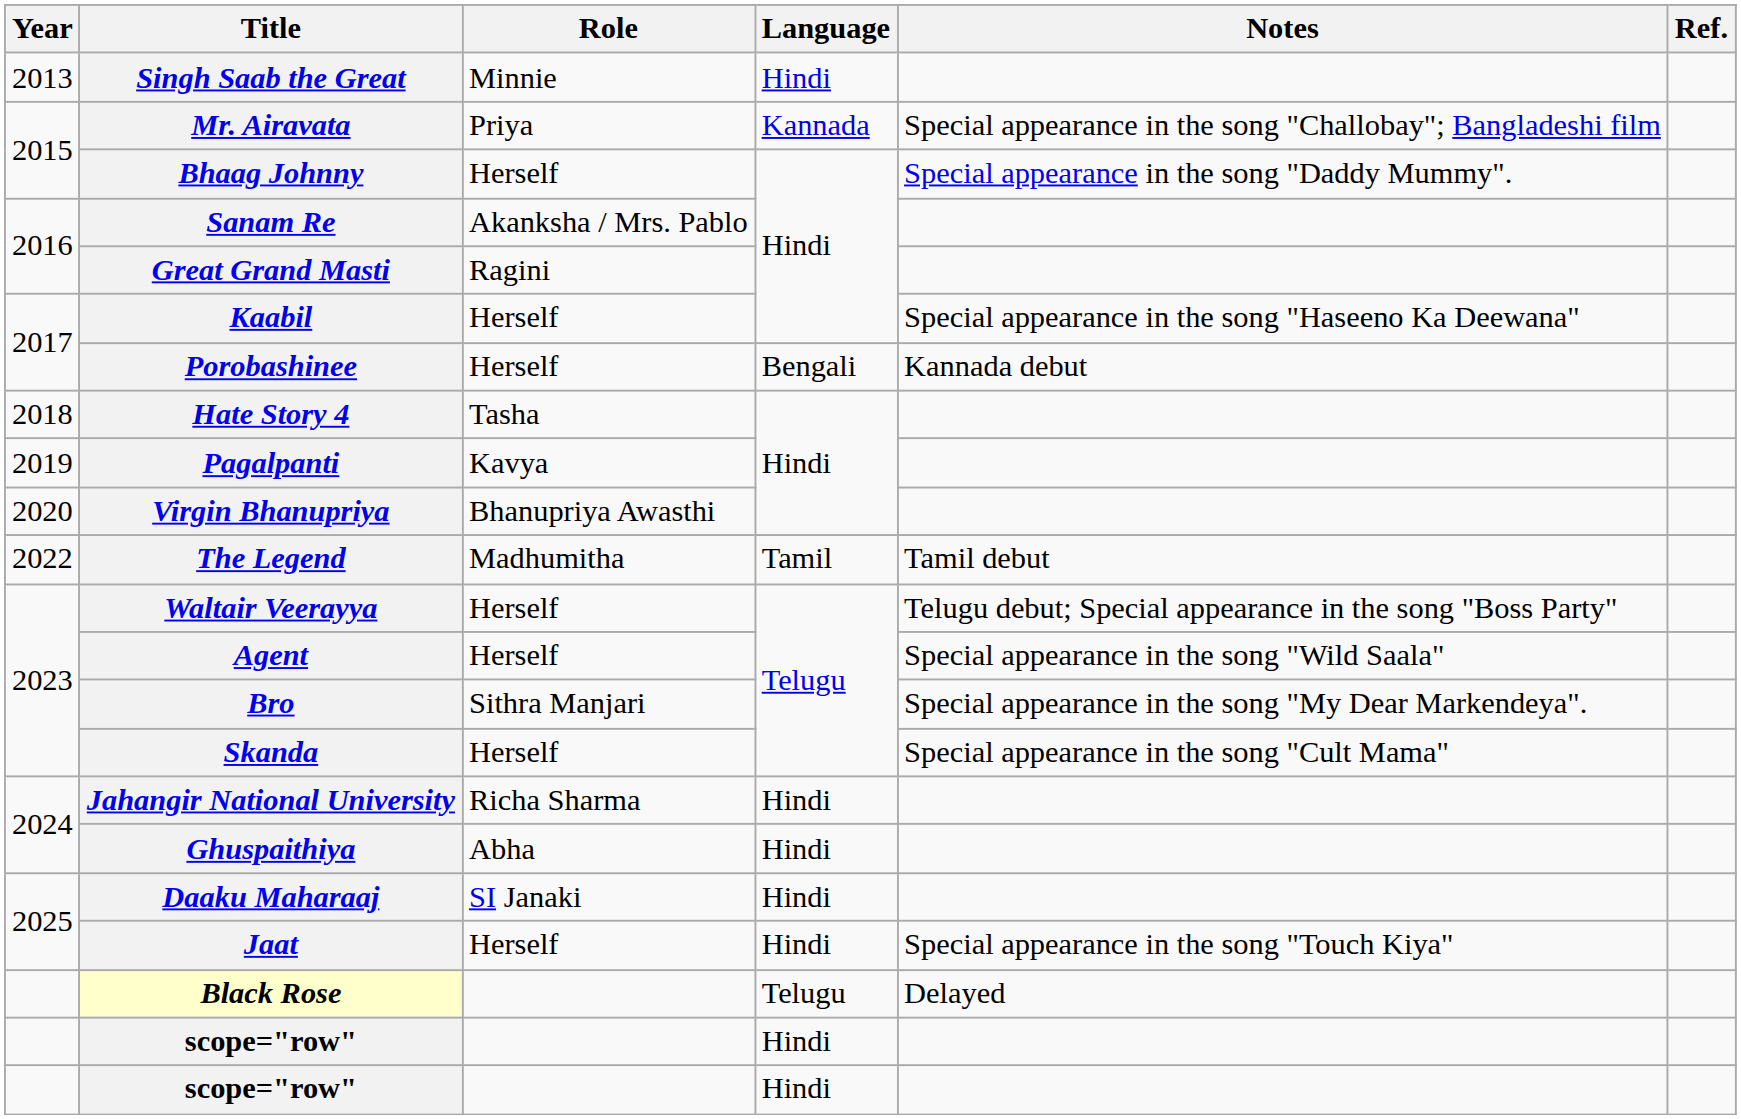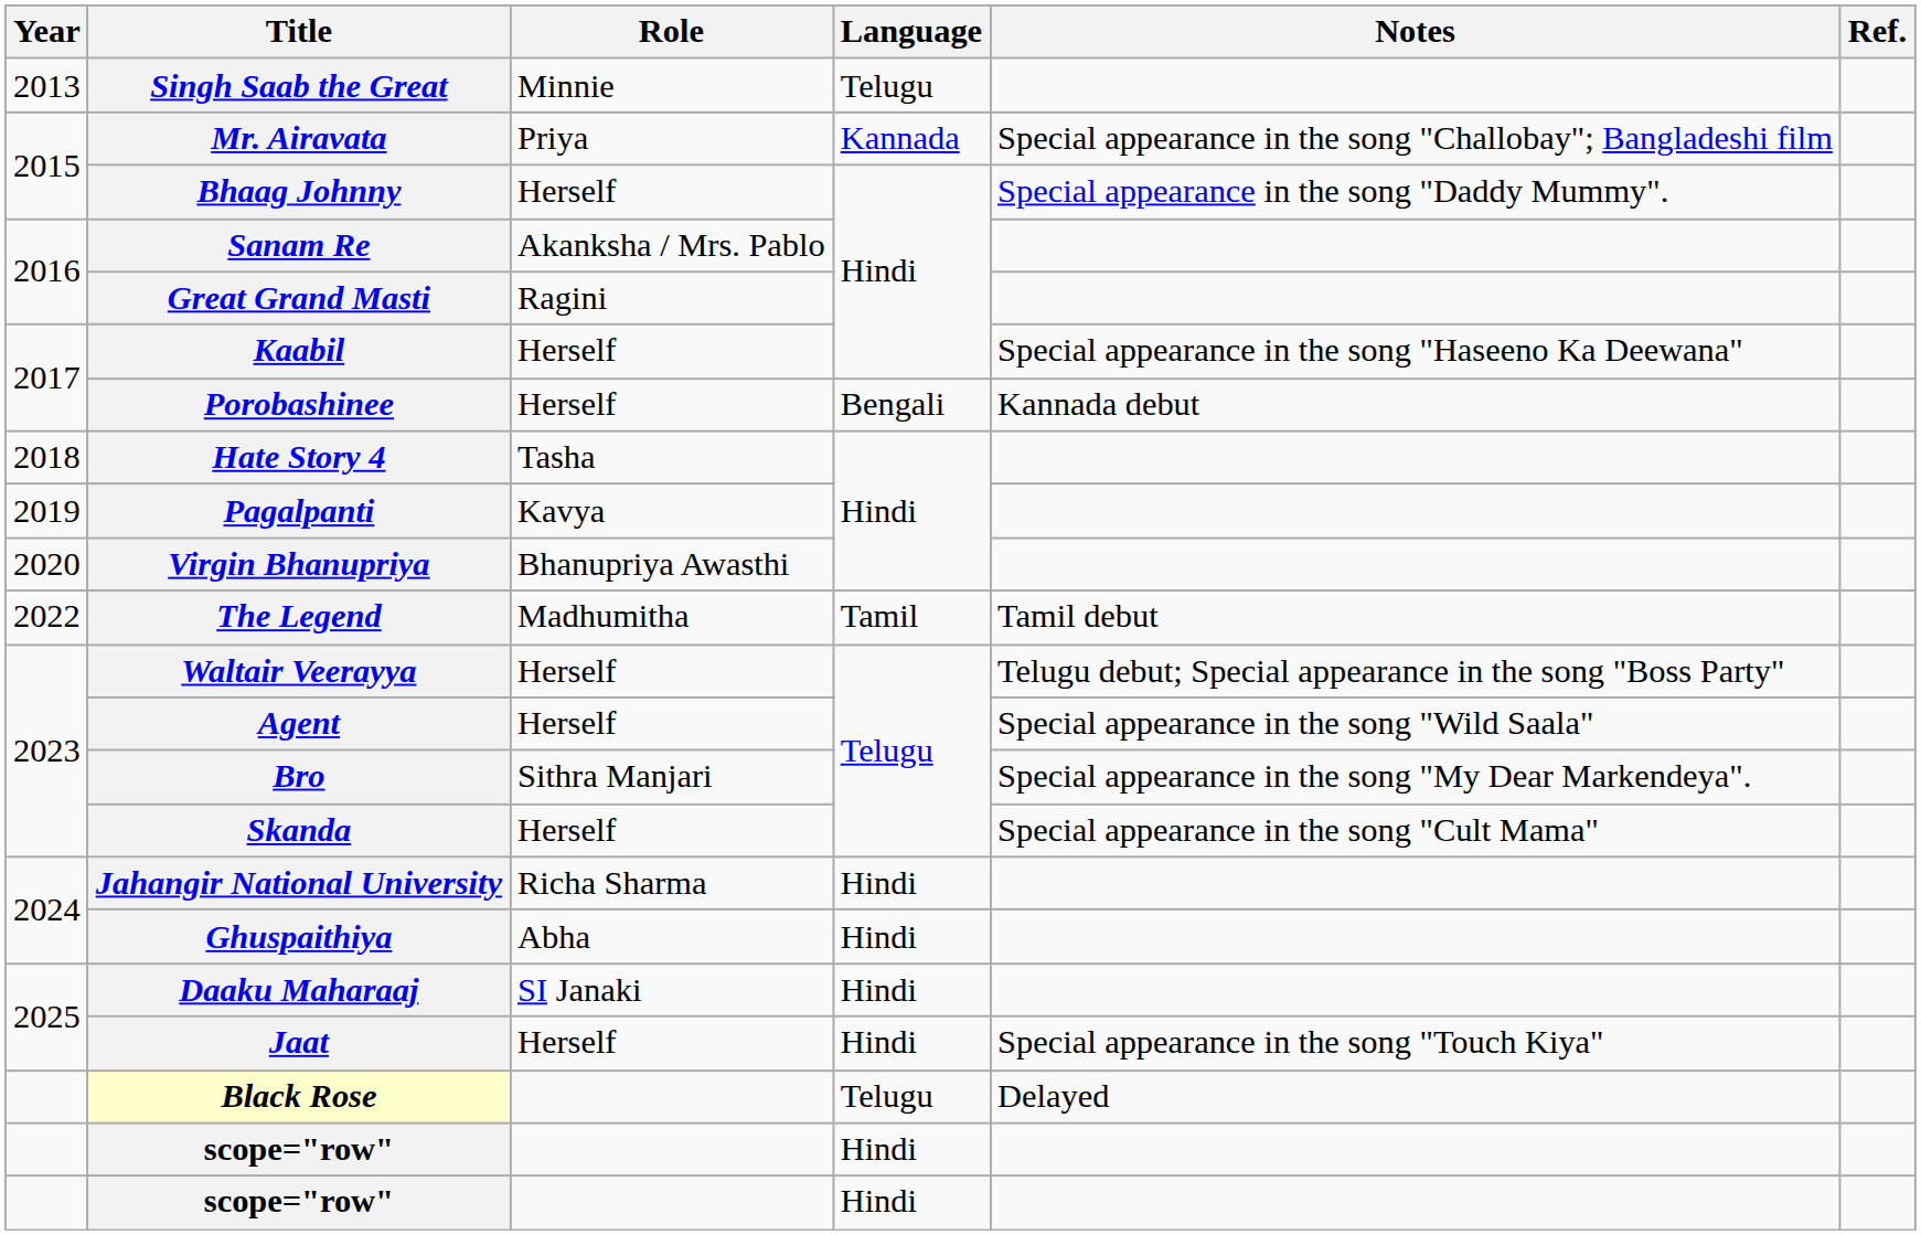 <table class="wikitable sortable plainrowheaders">
 <tr style="text-align:center;">
 <th scope="col">Year</th>
 <th scope="col">Title</th>
 <th scope="col">Role</th>
 <th scope="col">Language</th>
 <th scope="col" class="unsortable">Notes</th>
 <th>Ref.</th>
 </tr>
 <tr>
 <td>2013</td>
 <th scope="row"><em><a href='#'>Singh Saab the Great</a></em></th>
 <td>Minnie</td>
-<td><a href='#'>Hindi</a></td>
+<td>Telugu</td>
 <td></td>
 <td></td>
 </tr>
 <tr>
 <td rowspan="2">2015</td>
 <th scope="row"><em><a href='#'>Mr. Airavata</a></em></th>
 <td>Priya</td>
 <td><a href='#'>Kannada</a></td>
 <td>Special appearance in the song "Challobay"; <a href='#'>Bangladeshi film</a></td>
 <td></td>
 </tr>
 <tr>
 <th scope="row"><em><a href='#'>Bhaag Johnny</a></em></th>
 <td>Herself</td>
 <td rowspan=4>Hindi</td>
 <td><a href='#'>Special appearance</a> in the song "Daddy Mummy".</td>
 <td></td>
 </tr>
 <tr>
 <td rowspan="2">2016</td>
 <th scope="row"><em><a href='#'>Sanam Re</a></em></th>
 <td>Akanksha / Mrs. Pablo</td>
 <td></td>
 <td></td>
 </tr>
 <tr>
 <th scope="row"><em><a href='#'>Great Grand Masti</a></em></th>
 <td>Ragini</td>
 <td></td>
 <td></td>
 </tr>
 <tr>
 <td rowspan="2">2017</td>
 <th scope="row"><em><a href='#'>Kaabil</a></em></th>
 <td>Herself</td>
 <td>Special appearance in the song "Haseeno Ka Deewana"</td>
 <td></td>
 </tr>
 <tr>
 <th scope="row"><em><a href='#'>Porobashinee</a></em></th>
 <td>Herself</td>
 <td>Bengali</td>
 <td>Kannada debut</td>
 <td></td>
 </tr>
 <tr>
 <td>2018</td>
 <th scope="row"><em><a href='#'>Hate Story 4</a></em></th>
 <td>Tasha</td>
 <td rowspan=3>Hindi</td>
 <td></td>
 <td></td>
 </tr>
 <tr>
 <td>2019</td>
 <th scope="row"><em><a href='#'>Pagalpanti</a></em></th>
 <td>Kavya</td>
 <td></td>
 <td></td>
 </tr>
 <tr>
 <td>2020</td>
 <th scope="row"><em><a href='#'>Virgin Bhanupriya</a></em></th>
 <td>Bhanupriya Awasthi</td>
 <td></td>
 <td></td>
 </tr>
 <tr>
 <td>2022</td>
 <th scope="row"><em><a href='#'>The Legend</a></em></th>
 <td>Madhumitha</td>
 <td>Tamil</td>
 <td>Tamil debut</td>
 <td></td>
 </tr>
 <tr>
 <td rowspan="4">2023</td>
 <th scope="row"><em><a href='#'>Waltair Veerayya</a></em></th>
 <td>Herself</td>
 <td rowspan="4"><a href='#'>Telugu</a></td>
 <td>Telugu debut; Special appearance in the song "Boss Party"</td>
 <td></td>
 </tr>
 <tr>
 <th scope="row"><em><a href='#'>Agent</a></em></th>
 <td>Herself</td>
 <td>Special appearance in the song "Wild Saala"</td>
 <td></td>
 </tr>
 <tr>
 <th scope="row"><em><a href='#'>Bro</a></em></th>
 <td>Sithra Manjari</td>
 <td>Special appearance in the song "My Dear Markendeya".</td>
 <td></td>
 </tr>
 <tr>
 <th scope="row"><em><a href='#'>Skanda</a></em></th>
 <td>Herself</td>
 <td>Special appearance in the song "Cult Mama"</td>
 <td></td>
 </tr>
 <tr>
 <td rowspan="2">2024</td>
 <th scope="row"><em><a href='#'>Jahangir National University</a></em></th>
 <td>Richa Sharma</td>
 <td>Hindi</td>
 <td></td>
 <td></td>
 </tr>
 <tr>
 <th scope="row"><em><a href='#'>Ghuspaithiya</a></em></th>
 <td>Abha</td>
 <td>Hindi</td>
 <td></td>
 <td></td>
 </tr>
 <tr>
 <td rowspan="2">2025</td>
 <th scope="row"><em><a href='#'>Daaku Maharaaj</a></em></th>
 <td><a href='#'>SI</a> Janaki</td>
 <td>Hindi</td>
 <td></td>
 <td></td>
 </tr>
 <tr>
 <th scope="row"><em><a href='#'>Jaat</a></em></th>
 <td>Herself</td>
 <td>Hindi</td>
 <td>Special appearance in the song "Touch Kiya"</td>
 <td></td>
 </tr>
 <tr>
 <td></td>
 <th scope="row"style="background: #ffc;"><em>Black Rose </em></th>
 <td></td>
 <td>Telugu</td>
 <td>Delayed</td>
 <td></td>
 </tr>
 <tr>
 <td></td>
 <th>scope="row"</th>
 <td></td>
 <td>Hindi</td>
 <td></td>
 <td></td>
 </tr>
 <tr>
 <td></td>
 <th>scope="row"</th>
 <td></td>
 <td>Hindi</td>
 <td></td>
 <td></td>
 </tr>
 </table>
